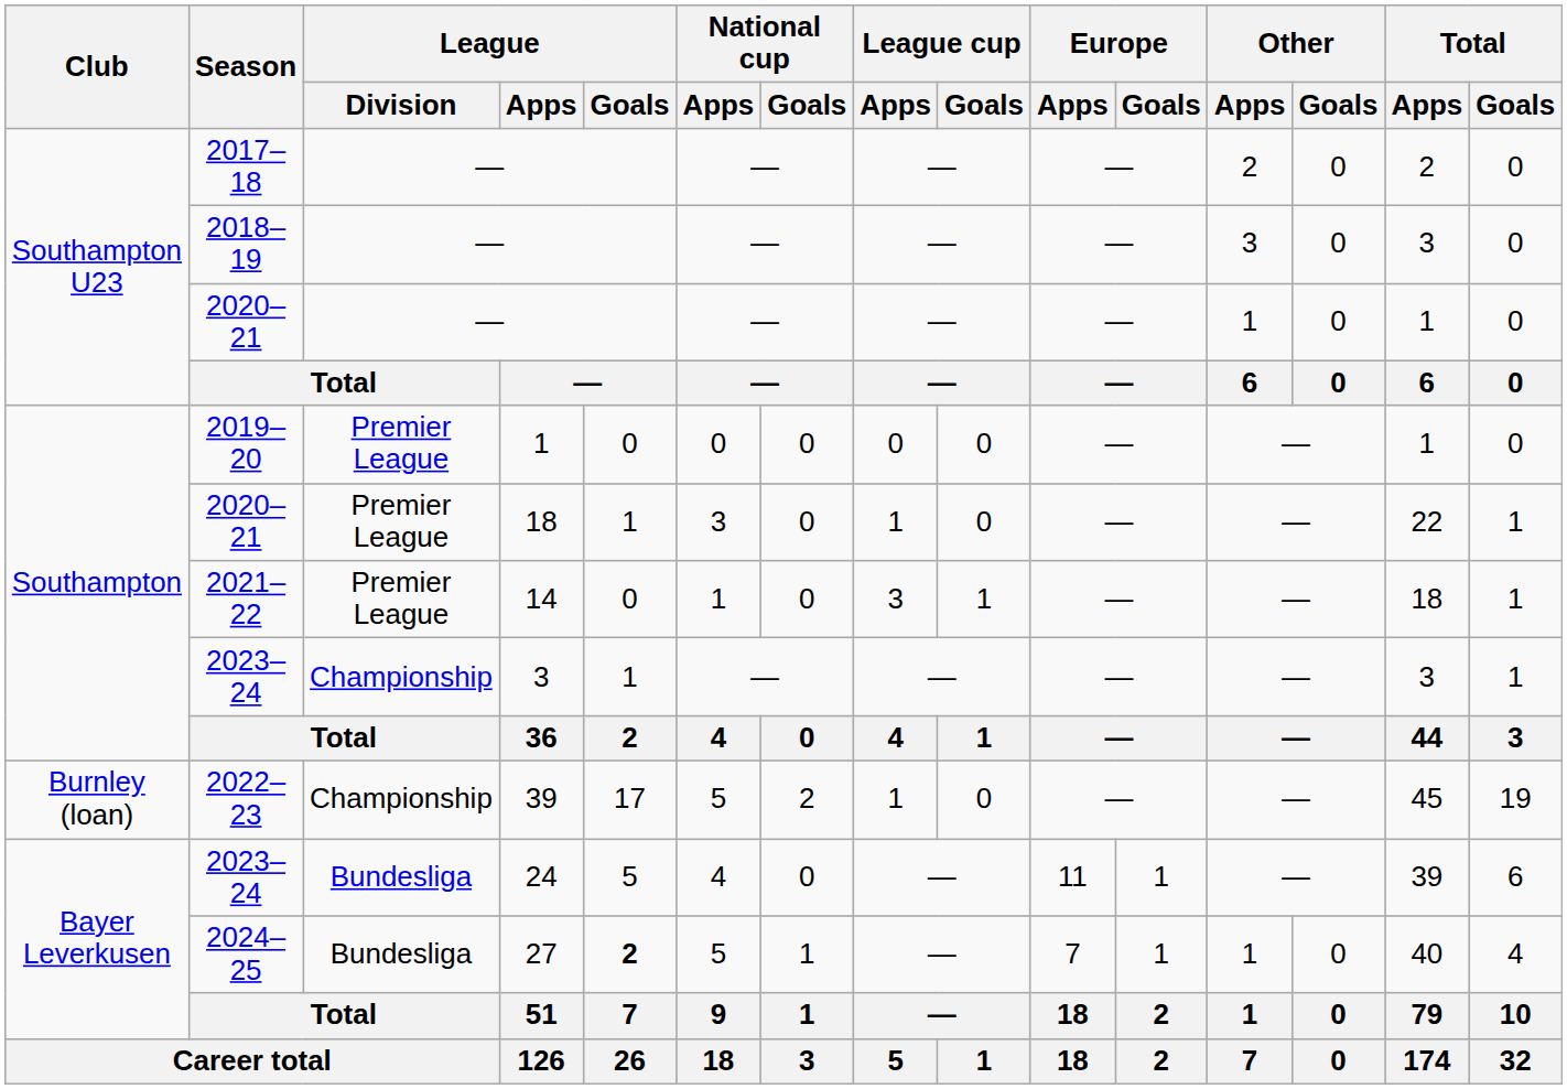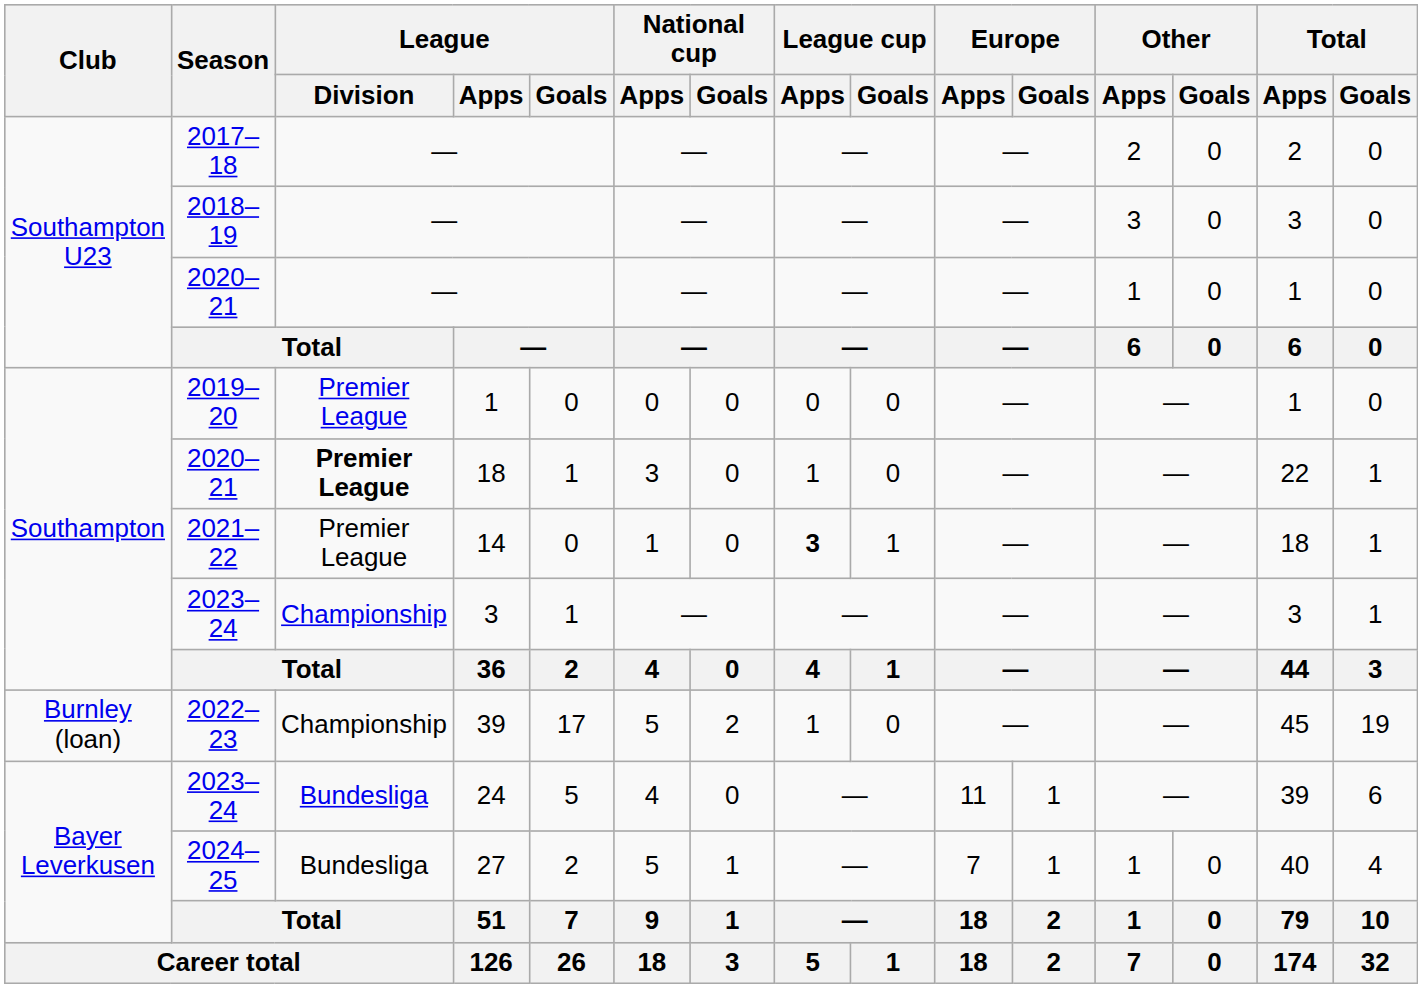 <table class=wikitable style=text-align:center>
 <tr>
 <th rowspan=2>Club</th>
 <th rowspan=2>Season</th>
 <th colspan=3>League</th>
 <th colspan=2>National cup</th>
 <th colspan=2>League cup</th>
 <th colspan=2>Europe</th>
 <th colspan=2>Other</th>
 <th colspan=2>Total</th>
 </tr>
 <tr>
 <th>Division</th>
 <th>Apps</th>
 <th>Goals</th>
 <th>Apps</th>
 <th>Goals</th>
 <th>Apps</th>
 <th>Goals</th>
 <th>Apps</th>
 <th>Goals</th>
 <th>Apps</th>
 <th>Goals</th>
 <th>Apps</th>
 <th>Goals</th>
 </tr>
 <tr>
 <td rowspan=4><a href='#'>Southampton U23</a></td>
 <td><a href='#'>2017–18</a></td>
 <td colspan=3>—</td>
 <td colspan=2>—</td>
 <td colspan=2>—</td>
 <td colspan=2>—</td>
 <td>2</td>
 <td>0</td>
 <td>2</td>
 <td>0</td>
 </tr>
 <tr>
 <td><a href='#'>2018–19</a></td>
 <td colspan=3>—</td>
 <td colspan=2>—</td>
 <td colspan=2>—</td>
 <td colspan=2>—</td>
 <td>3</td>
 <td>0</td>
 <td>3</td>
 <td>0</td>
 </tr>
 <tr>
 <td><a href='#'>2020–21</a></td>
 <td colspan=3>—</td>
 <td colspan=2>—</td>
 <td colspan=2>—</td>
 <td colspan=2>—</td>
 <td>1</td>
 <td>0</td>
 <td>1</td>
 <td>0</td>
 </tr>
 <tr>
 <th colspan=2>Total</th>
 <th colspan=2>—</th>
 <th colspan=2>—</th>
 <th colspan=2>—</th>
 <th colspan="2">—</th>
 <th>6</th>
 <th>0</th>
 <th>6</th>
 <th>0</th>
 </tr>
 <tr>
 <td rowspan=5><a href='#'>Southampton</a></td>
 <td><a href='#'>2019–20</a></td>
 <td><a href='#'>Premier League</a></td>
 <td>1</td>
 <td>0</td>
 <td>0</td>
 <td>0</td>
 <td>0</td>
 <td>0</td>
 <td colspan=2>—</td>
 <td colspan=2>—</td>
 <td>1</td>
 <td>0</td>
 </tr>
 <tr>
 <td><a href='#'>2020–21</a></td>
-<td>Premier League</td>
+<td><strong>Premier League</strong></td>
 <td>18</td>
 <td>1</td>
 <td>3</td>
 <td>0</td>
 <td>1</td>
 <td>0</td>
 <td colspan=2>—</td>
 <td colspan=2>—</td>
 <td>22</td>
 <td>1</td>
 </tr>
 <tr>
 <td><a href='#'>2021–22</a></td>
 <td>Premier League</td>
 <td>14</td>
 <td>0</td>
 <td>1</td>
 <td>0</td>
-<td>3</td>
+<td><strong>3</strong></td>
 <td>1</td>
 <td colspan=2>—</td>
 <td colspan=2>—</td>
 <td>18</td>
 <td>1</td>
 </tr>
 <tr>
 <td><a href='#'>2023–24</a></td>
 <td><a href='#'>Championship</a></td>
 <td>3</td>
 <td>1</td>
 <td colspan=2>—</td>
 <td colspan=2>—</td>
 <td colspan=2>—</td>
 <td colspan=2>—</td>
 <td>3</td>
 <td>1</td>
 </tr>
 <tr>
 <th colspan=2>Total</th>
 <th>36</th>
 <th>2</th>
 <th>4</th>
 <th>0</th>
 <th>4</th>
 <th>1</th>
 <th colspan=2>—</th>
 <th colspan=2>—</th>
 <th>44</th>
 <th>3</th>
 </tr>
 <tr>
 <td><a href='#'>Burnley</a> (loan)</td>
 <td><a href='#'>2022–23</a></td>
 <td>Championship</td>
 <td>39</td>
 <td>17</td>
 <td>5</td>
 <td>2</td>
 <td>1</td>
 <td>0</td>
 <td colspan=2>—</td>
 <td colspan=2>—</td>
 <td>45</td>
 <td>19</td>
 </tr>
 <tr>
 <td rowspan=3><a href='#'>Bayer Leverkusen</a></td>
 <td><a href='#'>2023–24</a></td>
 <td><a href='#'>Bundesliga</a></td>
 <td>24</td>
 <td>5</td>
 <td>4</td>
 <td>0</td>
 <td colspan=2>—</td>
 <td>11</td>
 <td>1</td>
 <td colspan=2>—</td>
 <td>39</td>
 <td>6</td>
 </tr>
 <tr>
 <td><a href='#'>2024–25</a></td>
 <td>Bundesliga</td>
 <td>27</td>
-<td><strong>2</strong></td>
+<td>2</td>
 <td>5</td>
 <td>1</td>
 <td colspan=2>—</td>
 <td>7</td>
 <td>1</td>
 <td>1</td>
 <td>0</td>
 <td>40</td>
 <td>4</td>
 </tr>
 <tr>
 <th colspan=2>Total</th>
 <th>51</th>
 <th>7</th>
 <th>9</th>
 <th>1</th>
 <th colspan=2>—</th>
 <th>18</th>
 <th>2</th>
 <th>1</th>
 <th>0</th>
 <th>79</th>
 <th>10</th>
 </tr>
 <tr>
 <th colspan=3>Career total</th>
 <th>126</th>
 <th>26</th>
 <th>18</th>
 <th>3</th>
 <th>5</th>
 <th>1</th>
 <th>18</th>
 <th>2</th>
 <th>7</th>
 <th>0</th>
 <th>174</th>
 <th>32</th>
 </tr>
 </table>
